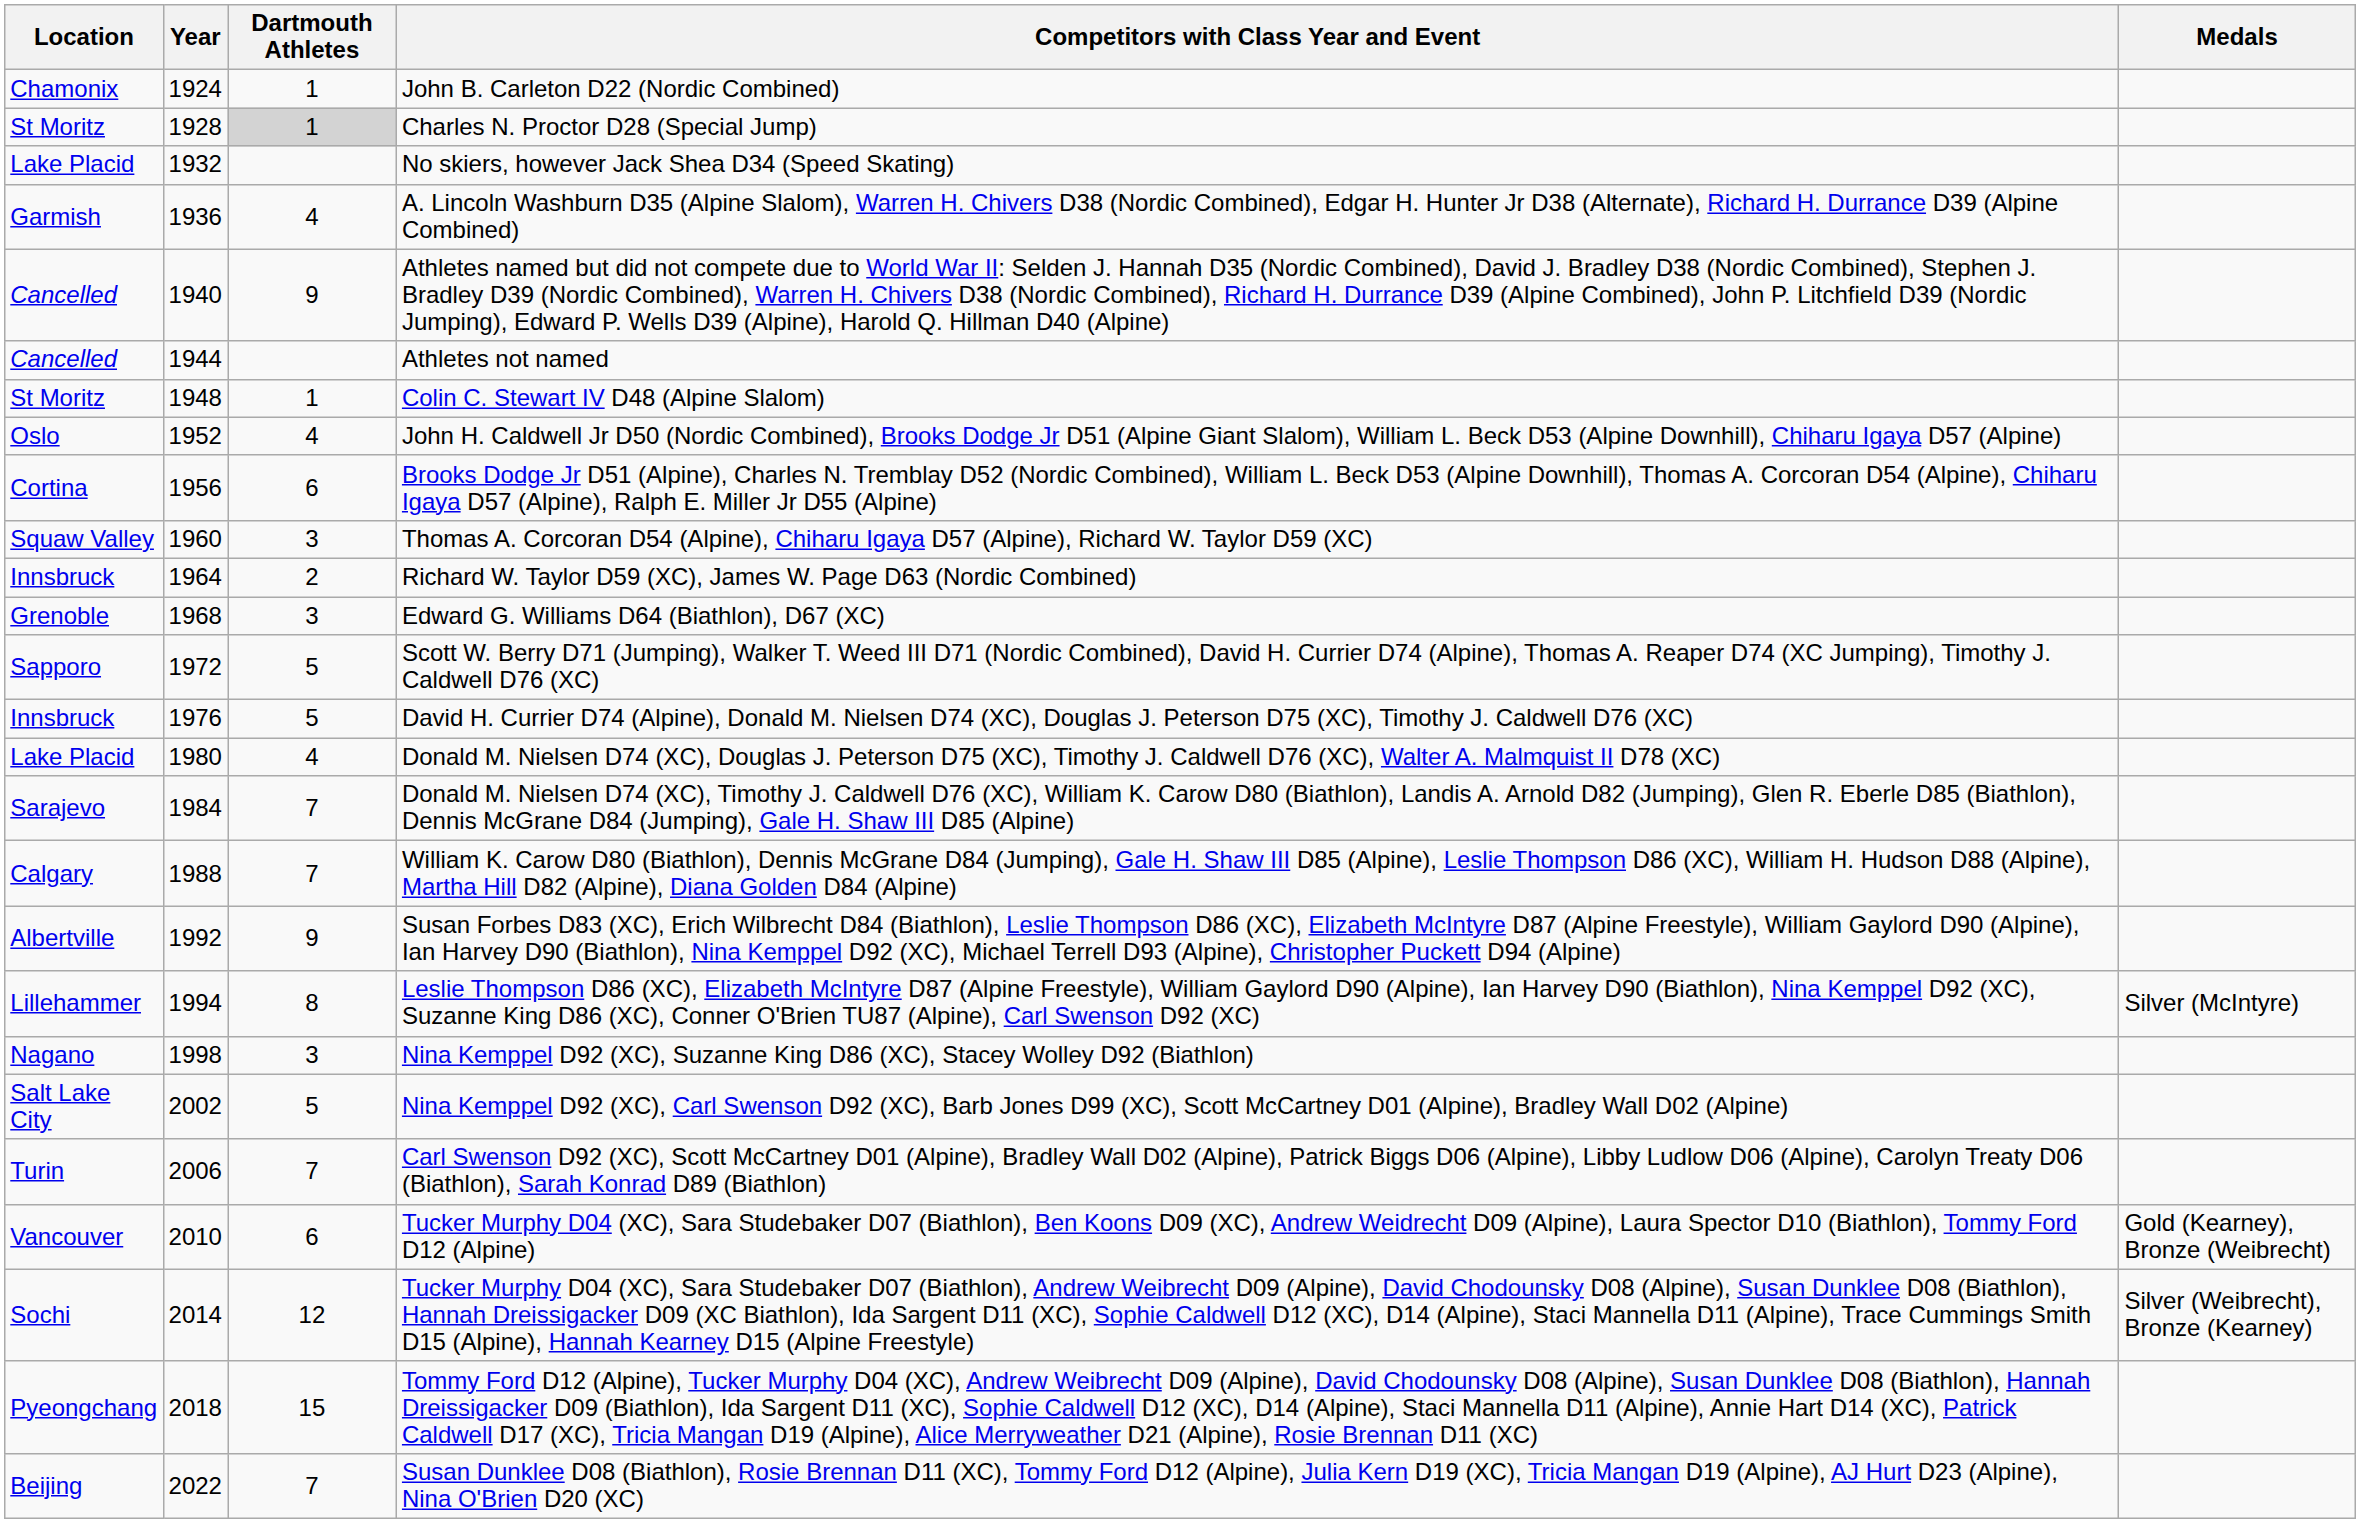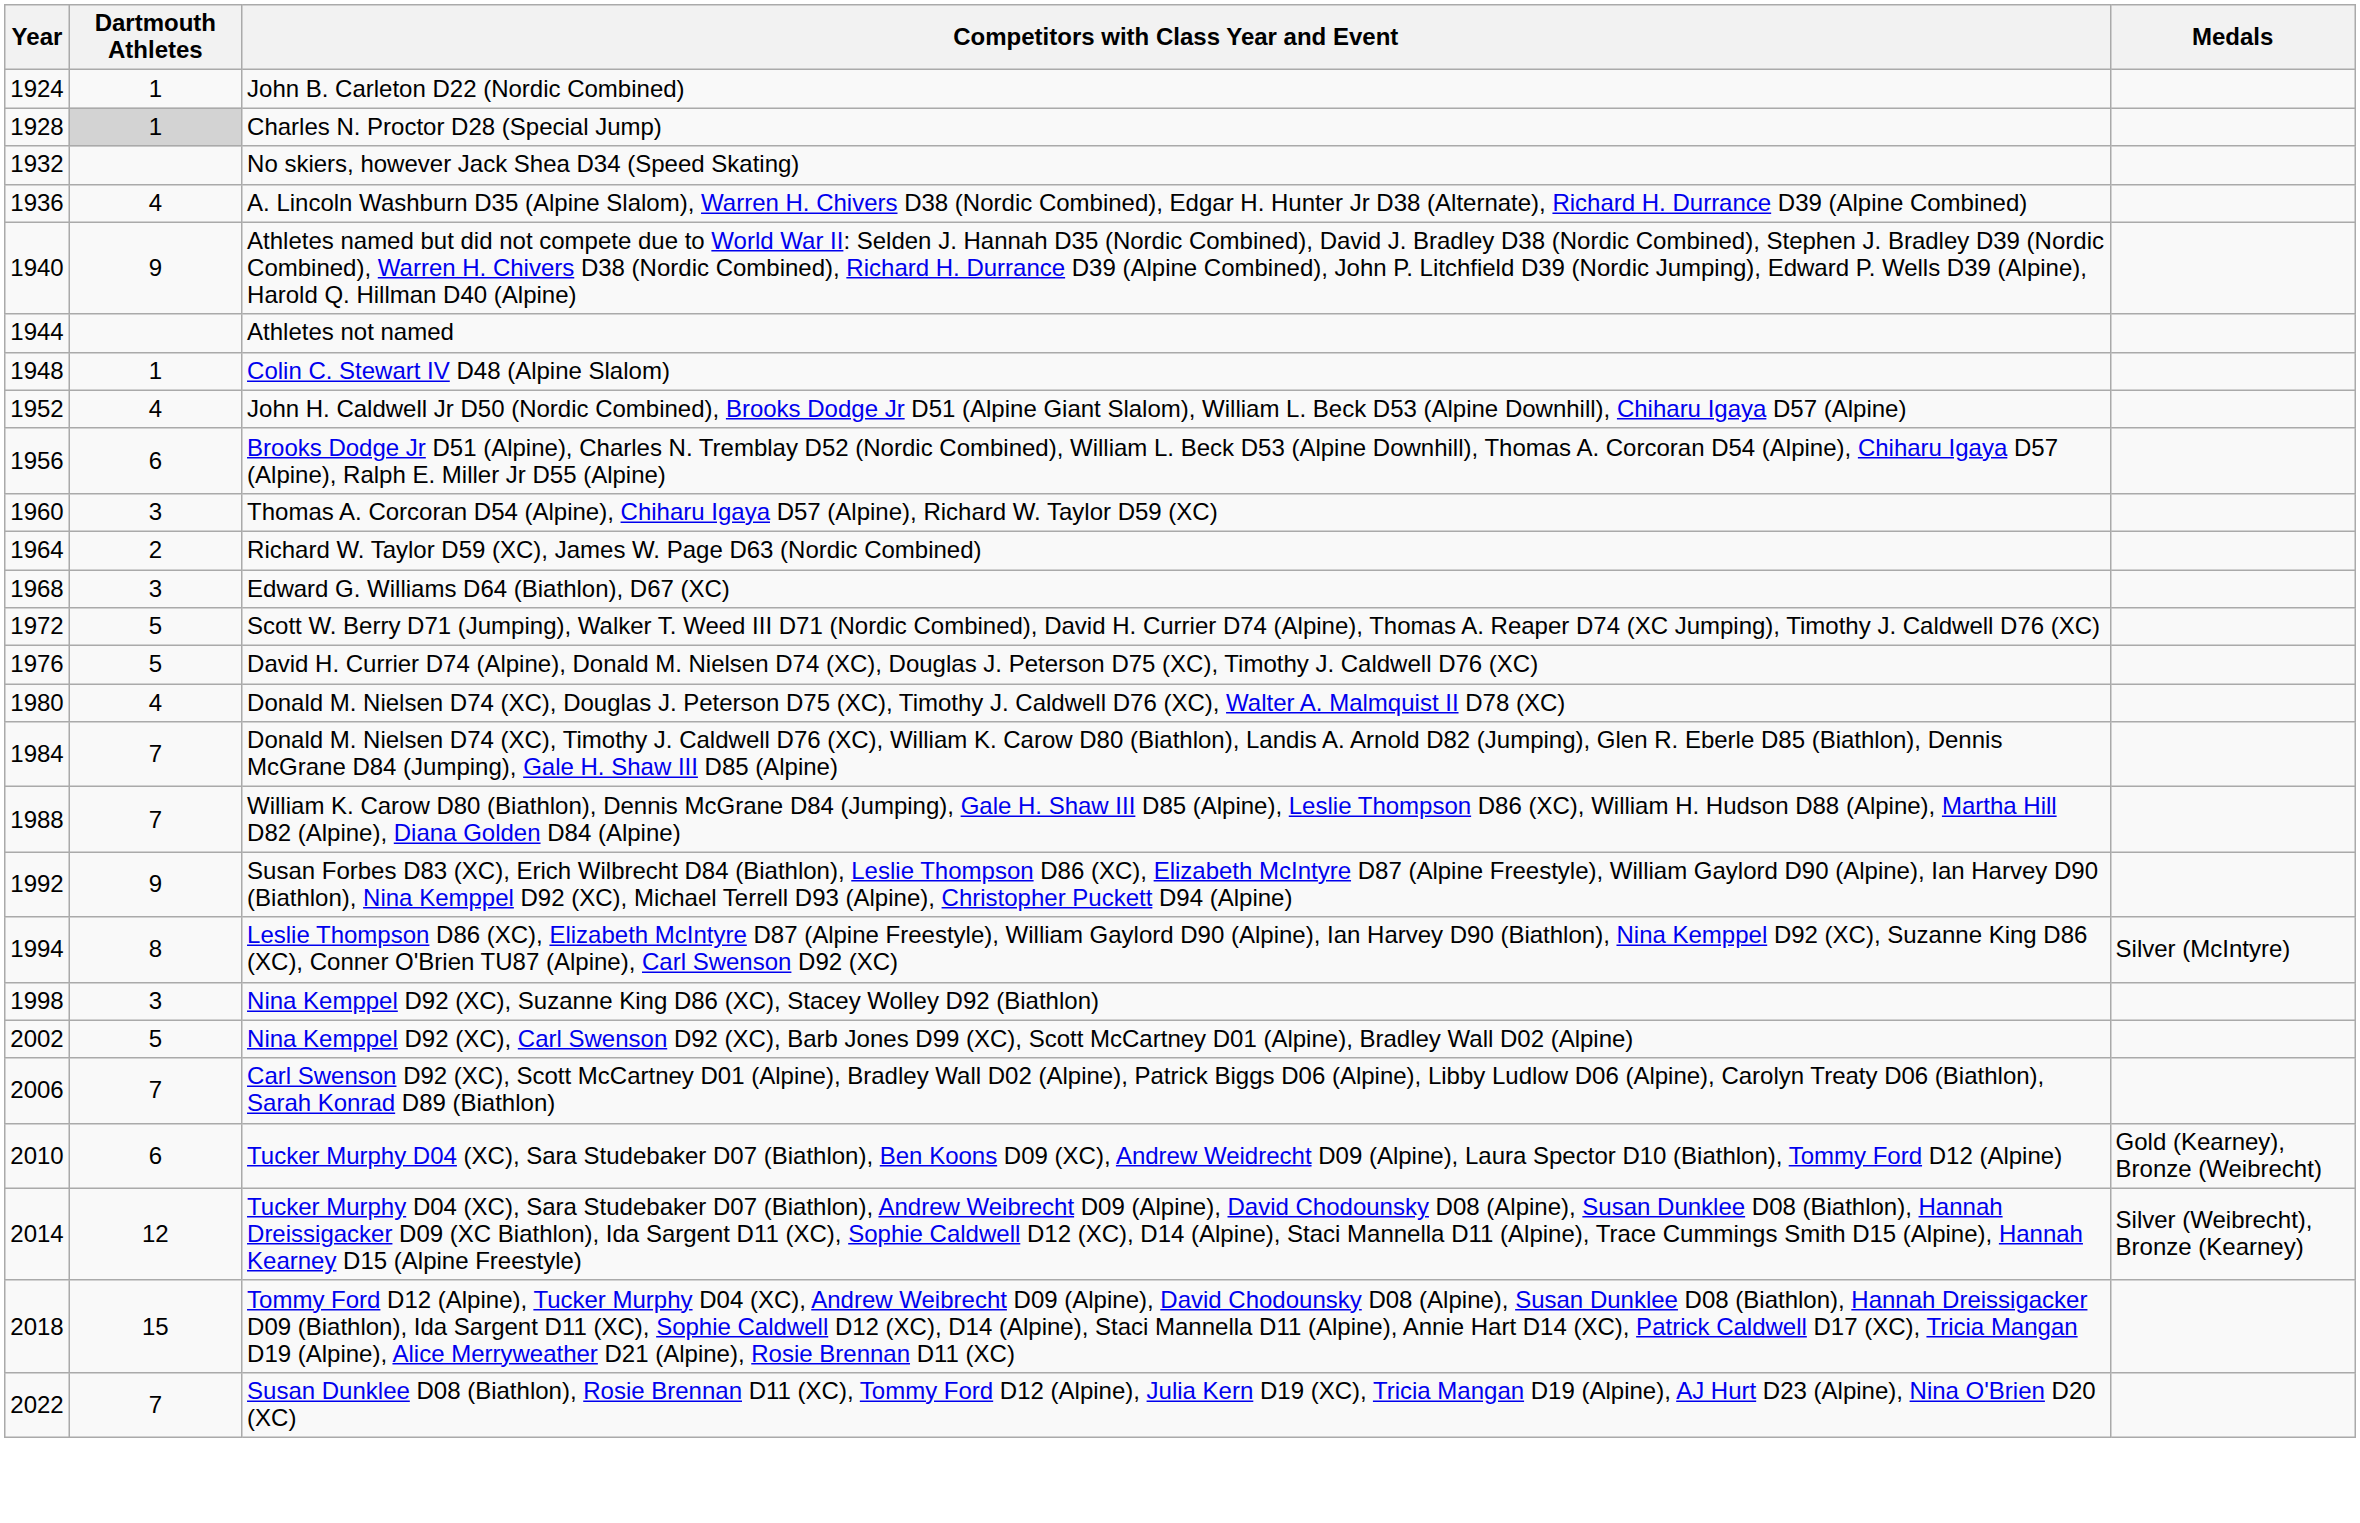 <table class="wikitable sortable">
 <tr>
-<th>Location</th>
 <th>Year</th>
 <th>Dartmouth Athletes</th>
 <th>Competitors with Class Year and Event</th>
 <th>Medals</th>
 </tr>
 <tr>
-<td><a href='#'>Chamonix</a></td>
 <td style="text-align:center;">1924</td>
 <td align=center>1</td>
 <td>John B. Carleton D22 (Nordic Combined)</td>
 <td></td>
 </tr>
 <tr>
-<td><a href='#'>St Moritz</a></td>
 <td style="text-align:center;">1928</td>
 <td align=center style="background: lightgrey;">1</td>
 <td>Charles N. Proctor D28 (Special Jump)</td>
 <td></td>
 </tr>
 <tr>
-<td><a href='#'>Lake Placid</a></td>
 <td style="text-align:center;">1932</td>
 <td style="text-align:center;"></td>
 <td>No skiers, however Jack Shea D34 (Speed Skating)</td>
 <td></td>
 </tr>
 <tr>
-<td><a href='#'>Garmish</a></td>
 <td style="text-align:center;">1936</td>
 <td style="text-align:center;">4</td>
 <td>A. Lincoln Washburn D35 (Alpine Slalom), <a href='#'>Warren H. Chivers</a> D38 (Nordic Combined), Edgar H. Hunter Jr D38 (Alternate), <a href='#'>Richard H. Durrance</a> D39 (Alpine Combined)</td>
 <td></td>
 </tr>
 <tr>
-<td><a href='#'><em>Cancelled</em></a></td>
 <td style="text-align:center;">1940</td>
 <td style="text-align:center;">9</td>
 <td>Athletes named but did not compete due to <a href='#'>World War II</a>: Selden J. Hannah D35 (Nordic Combined), David J. Bradley D38 (Nordic Combined), Stephen J. Bradley D39 (Nordic Combined), <a href='#'>Warren H. Chivers</a> D38 (Nordic Combined), <a href='#'>Richard H. Durrance</a> D39 (Alpine Combined), John P. Litchfield D39 (Nordic Jumping), Edward P. Wells D39 (Alpine), Harold Q. Hillman D40 (Alpine)</td>
 <td></td>
 </tr>
 <tr>
-<td><a href='#'><em>Cancelled</em></a></td>
 <td style="text-align:center;">1944</td>
 <td style="text-align:center;"></td>
 <td>Athletes not named</td>
 <td></td>
 </tr>
 <tr>
-<td><a href='#'>St Moritz</a></td>
 <td style="text-align:center;">1948</td>
 <td style="text-align:center;">1</td>
 <td><a href='#'>Colin C. Stewart IV</a> D48 (Alpine Slalom)</td>
 <td></td>
 </tr>
 <tr>
-<td><a href='#'>Oslo</a></td>
 <td style="text-align:center;">1952</td>
 <td align=center>4</td>
 <td>John H. Caldwell Jr D50 (Nordic Combined), <a href='#'>Brooks Dodge Jr</a> D51 (Alpine Giant Slalom), William L. Beck D53 (Alpine Downhill), <a href='#'>Chiharu Igaya</a> D57 (Alpine)</td>
 <td></td>
 </tr>
 <tr>
-<td><a href='#'>Cortina</a></td>
 <td style="text-align:center;">1956</td>
 <td align=center>6</td>
 <td><a href='#'>Brooks Dodge Jr</a> D51 (Alpine), Charles N. Tremblay D52 (Nordic Combined), William L. Beck D53 (Alpine Downhill), Thomas A. Corcoran D54 (Alpine), <a href='#'>Chiharu Igaya</a> D57 (Alpine), Ralph E. Miller Jr D55 (Alpine)</td>
 <td></td>
 </tr>
 <tr>
-<td><a href='#'>Squaw Valley</a></td>
 <td style="text-align:center;">1960</td>
 <td align=center>3</td>
 <td>Thomas A. Corcoran D54 (Alpine), <a href='#'>Chiharu Igaya</a> D57 (Alpine), Richard W. Taylor D59 (XC)</td>
 <td></td>
 </tr>
 <tr>
-<td><a href='#'>Innsbruck</a></td>
 <td style="text-align:center;">1964</td>
 <td align=center>2</td>
 <td>Richard W. Taylor D59 (XC), James W. Page D63 (Nordic Combined)</td>
 <td></td>
 </tr>
 <tr>
-<td><a href='#'>Grenoble</a></td>
 <td style="text-align:center;">1968</td>
 <td align=center>3</td>
 <td>Edward G. Williams D64 (Biathlon),  D67 (XC)</td>
 <td></td>
 </tr>
 <tr>
-<td><a href='#'>Sapporo</a></td>
 <td style="text-align:center;">1972</td>
 <td align=center>5</td>
 <td>Scott W. Berry D71 (Jumping), Walker T. Weed III D71 (Nordic Combined), David H. Currier D74 (Alpine), Thomas A. Reaper D74 (XC Jumping), Timothy J. Caldwell D76 (XC)</td>
 <td></td>
 </tr>
 <tr>
-<td><a href='#'>Innsbruck</a></td>
 <td style="text-align:center;">1976</td>
 <td align=center>5</td>
 <td>David H. Currier D74 (Alpine), Donald M. Nielsen D74 (XC), Douglas J. Peterson D75 (XC), Timothy J. Caldwell D76 (XC)</td>
 <td></td>
 </tr>
 <tr>
-<td><a href='#'>Lake Placid</a></td>
 <td style="text-align:center;">1980</td>
 <td align=center>4</td>
 <td>Donald M. Nielsen D74 (XC), Douglas J. Peterson D75 (XC), Timothy J. Caldwell D76 (XC), <a href='#'>Walter A. Malmquist II</a> D78 (XC)</td>
 <td></td>
 </tr>
 <tr>
-<td><a href='#'>Sarajevo</a></td>
 <td style="text-align:center;">1984</td>
 <td align=center>7</td>
 <td>Donald M. Nielsen D74 (XC), Timothy J. Caldwell D76 (XC), William K. Carow D80 (Biathlon), Landis A. Arnold D82 (Jumping), Glen R. Eberle D85 (Biathlon), Dennis McGrane D84 (Jumping), <a href='#'>Gale H. Shaw III</a> D85 (Alpine)</td>
 <td></td>
 </tr>
 <tr>
-<td><a href='#'>Calgary</a></td>
 <td style="text-align:center;">1988</td>
 <td align=center>7</td>
 <td>William K. Carow D80 (Biathlon), Dennis McGrane D84 (Jumping), <a href='#'>Gale H. Shaw III</a> D85 (Alpine), <a href='#'>Leslie Thompson</a> D86 (XC), William H. Hudson D88 (Alpine), <a href='#'>Martha Hill</a> D82 (Alpine), <a href='#'>Diana Golden</a> D84 (Alpine)</td>
 <td></td>
 </tr>
 <tr>
-<td><a href='#'>Albertville</a></td>
 <td style="text-align:center;">1992</td>
 <td align=center>9</td>
 <td>Susan Forbes D83 (XC), Erich Wilbrecht D84 (Biathlon), <a href='#'>Leslie Thompson</a> D86 (XC), <a href='#'>Elizabeth McIntyre</a> D87 (Alpine Freestyle), William Gaylord D90 (Alpine), Ian Harvey D90 (Biathlon), <a href='#'>Nina Kemppel</a> D92 (XC), Michael Terrell D93 (Alpine), <a href='#'>Christopher Puckett</a> D94 (Alpine)</td>
 <td></td>
 </tr>
 <tr>
-<td><a href='#'>Lillehammer</a></td>
 <td style="text-align:center;">1994</td>
 <td align=center>8</td>
 <td><a href='#'>Leslie Thompson</a> D86 (XC), <a href='#'>Elizabeth McIntyre</a> D87 (Alpine Freestyle), William Gaylord D90 (Alpine), Ian Harvey D90 (Biathlon), <a href='#'>Nina Kemppel</a> D92 (XC), Suzanne King D86 (XC), Conner O'Brien TU87 (Alpine), <a href='#'>Carl Swenson</a> D92 (XC)</td>
 <td>Silver (McIntyre)</td>
 </tr>
 <tr>
-<td><a href='#'>Nagano</a></td>
 <td style="text-align:center;">1998</td>
 <td align=center>3</td>
 <td><a href='#'>Nina Kemppel</a> D92 (XC), Suzanne King D86 (XC), Stacey Wolley D92 (Biathlon)</td>
 <td></td>
 </tr>
 <tr>
-<td><a href='#'>Salt Lake City</a></td>
 <td style="text-align:center;">2002</td>
 <td align=center>5</td>
 <td><a href='#'>Nina Kemppel</a> D92 (XC), <a href='#'>Carl Swenson</a> D92 (XC), Barb Jones D99 (XC), Scott McCartney D01 (Alpine), Bradley Wall D02 (Alpine)</td>
 <td></td>
 </tr>
 <tr>
-<td><a href='#'>Turin</a></td>
 <td style="text-align:center;">2006</td>
 <td align=center>7</td>
 <td><a href='#'>Carl Swenson</a> D92 (XC), Scott McCartney D01 (Alpine), Bradley Wall D02 (Alpine), Patrick Biggs D06 (Alpine), Libby Ludlow D06 (Alpine), Carolyn Treaty D06 (Biathlon), <a href='#'>Sarah Konrad</a> D89 (Biathlon)</td>
 <td></td>
 </tr>
 <tr>
-<td><a href='#'>Vancouver</a></td>
 <td style="text-align:center;">2010</td>
 <td align=center>6</td>
 <td><a href='#'>Tucker Murphy D04</a> (XC), Sara Studebaker D07 (Biathlon), <a href='#'>Ben Koons</a> D09 (XC), <a href='#'>Andrew Weidrecht</a> D09 (Alpine), Laura Spector D10 (Biathlon), <a href='#'>Tommy Ford</a> D12 (Alpine)</td>
 <td>Gold (Kearney), Bronze (Weibrecht)</td>
 </tr>
 <tr>
-<td><a href='#'>Sochi</a></td>
 <td style="text-align:center;">2014</td>
 <td align=center>12</td>
 <td><a href='#'>Tucker Murphy</a> D04 (XC), Sara Studebaker D07 (Biathlon), <a href='#'>Andrew Weibrecht</a> D09 (Alpine), <a href='#'>David Chodounsky</a> D08 (Alpine), <a href='#'>Susan Dunklee</a> D08 (Biathlon), <a href='#'>Hannah Dreissigacker</a> D09 (XC Biathlon), Ida Sargent D11 (XC), <a href='#'>Sophie Caldwell</a> D12 (XC),  D14 (Alpine), Staci Mannella D11 (Alpine), Trace Cummings Smith D15 (Alpine), <a href='#'>Hannah Kearney</a> D15 (Alpine Freestyle)</td>
 <td>Silver (Weibrecht), Bronze (Kearney)</td>
 </tr>
 <tr>
-<td><a href='#'>Pyeongchang</a></td>
 <td style="text-align:center;">2018</td>
 <td align=center>15</td>
 <td><a href='#'>Tommy Ford</a> D12 (Alpine), <a href='#'>Tucker Murphy</a> D04 (XC), <a href='#'>Andrew Weibrecht</a> D09 (Alpine), <a href='#'>David Chodounsky</a> D08 (Alpine), <a href='#'>Susan Dunklee</a> D08 (Biathlon), <a href='#'>Hannah Dreissigacker</a> D09 (Biathlon), Ida Sargent D11 (XC), <a href='#'>Sophie Caldwell</a> D12 (XC),  D14 (Alpine), Staci Mannella D11 (Alpine), Annie Hart D14 (XC), <a href='#'>Patrick Caldwell</a> D17 (XC), <a href='#'>Tricia Mangan</a> D19 (Alpine), <a href='#'>Alice Merryweather</a> D21 (Alpine), <a href='#'>Rosie Brennan</a> D11 (XC)</td>
 <td></td>
 </tr>
 <tr>
-<td><a href='#'>Beijing</a></td>
 <td style="text-align:center;">2022</td>
 <td align=center>7</td>
 <td><a href='#'>Susan Dunklee</a> D08 (Biathlon), <a href='#'>Rosie Brennan</a> D11 (XC), <a href='#'>Tommy Ford</a> D12 (Alpine), <a href='#'>Julia Kern</a> D19 (XC), <a href='#'>Tricia Mangan</a> D19 (Alpine), <a href='#'>AJ Hurt</a> D23 (Alpine), <a href='#'>Nina O'Brien</a> D20 (XC)</td>
 <td></td>
 </tr>
 </table>
